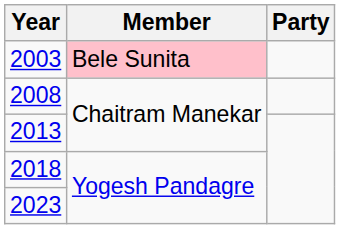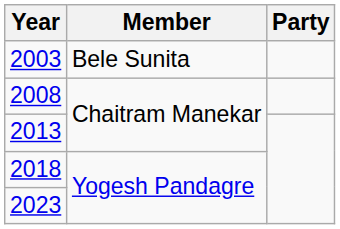 <table class="wikitable sortable">
 <tr>
 <th>Year</th>
 <th>Member</th>
 <th colspan="2">Party</th>
 </tr>
 <tr>
 <td><a href='#'>2003</a></td>
-<td style="background: pink;">Bele Sunita</td>
+<td>Bele Sunita</td>
 <td></td>
 </tr>
 <tr>
 <td><a href='#'>2008</a></td>
 <td rowspan=2>Chaitram Manekar</td>
 <td></td>
 </tr>
 <tr>
 <td><a href='#'>2013</a></td>
 </tr>
 <tr>
 <td><a href='#'>2018</a></td>
 <td rowspan="2"><a href='#'>Yogesh Pandagre</a></td>
 </tr>
 <tr>
 <td><a href='#'>2023</a></td>
 </tr>
 </table>
